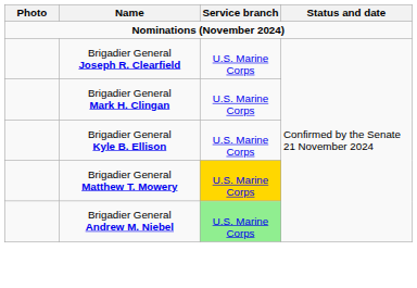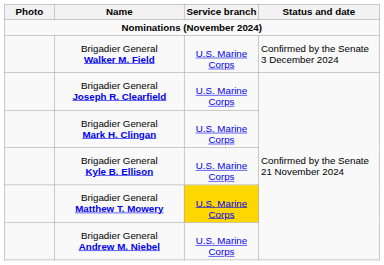 <table class="wikitable sortable">
 <tr>
 <th width="75" class="unsortable" style="text-align:center">Photo</th>
 <th width="205" style="text-align:center">Name</th>
 <th width="115" class="unsortable" style="text-align:center">Service branch</th>
 <th width="190" class="unsortable" style="text-align:center">Status and date</th>
 </tr>
 <tr>
 <td colspan="4" style="text-align:center"><strong>Nominations (November 2024)</strong></td>
+</tr>
+<tr>
+<td></td>
+<td data-sort-value="field" style="text-align:center">Brigadier General<br><strong><a href='#'>Walker M. Field</a></strong></td>
+<td style="text-align:center"><br><a href='#'>U.S. Marine Corps</a></td>
+<td>Confirmed by the Senate<br>3 December 2024</td>
 </tr>
 <tr>
 <td></td>
 <td data-sort-value="clearfield" style="text-align:center">Brigadier General<br><strong><a href='#'>Joseph R. Clearfield</a></strong></td>
 <td style="text-align:center"><br><a href='#'>U.S. Marine Corps</a></td>
 <td rowspan="5">Confirmed by the Senate<br>21 November 2024</td>
 </tr>
 <tr>
 <td></td>
 <td data-sort-value="clingan" style="text-align:center">Brigadier General<br><strong><a href='#'>Mark H. Clingan</a></strong></td>
 <td style="text-align:center"><br><a href='#'>U.S. Marine Corps</a></td>
 </tr>
 <tr>
 <td></td>
 <td data-sort-value="ellison" style="text-align:center">Brigadier General<br><strong><a href='#'>Kyle B. Ellison</a></strong></td>
 <td style="text-align:center"><br><a href='#'>U.S. Marine Corps</a></td>
 </tr>
 <tr>
 <td></td>
 <td data-sort-value="mowery" style="text-align:center">Brigadier General<br><strong><a href='#'>Matthew T. Mowery</a></strong></td>
 <td style="background: gold; text-align:center"><br><a href='#'>U.S. Marine Corps</a></td>
 </tr>
 <tr>
 <td></td>
 <td data-sort-value="niebel" style="text-align:center">Brigadier General<br><strong><a href='#'>Andrew M. Niebel</a></strong></td>
-<td style="background: lightgreen; text-align:center"><br><a href='#'>U.S. Marine Corps</a></td>
+<td style="text-align:center"><br><a href='#'>U.S. Marine Corps</a></td>
 </tr>
 </table>
